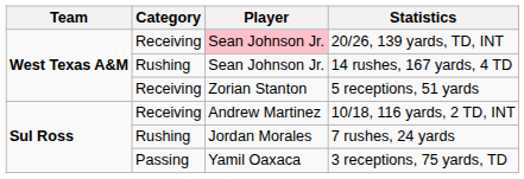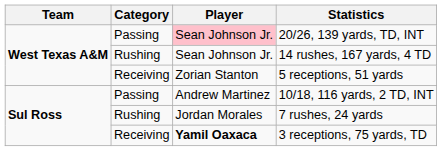 <table class="wikitable" style="float: right;">
 <tr>
 <th>Team</th>
 <th>Category</th>
 <th>Player</th>
 <th>Statistics</th>
 </tr>
 <tr>
 <td rowspan=3><strong>West Texas A&M</strong></td>
-<td>Receiving</td>
+<td>Passing</td>
 <td style="background: pink;">Sean Johnson Jr.</td>
 <td>20/26, 139 yards, TD, INT</td>
 </tr>
 <tr>
 <td>Rushing</td>
 <td>Sean Johnson Jr.</td>
 <td>14 rushes, 167 yards, 4 TD</td>
 </tr>
 <tr>
 <td>Receiving</td>
 <td>Zorian Stanton</td>
 <td>5 receptions, 51 yards</td>
 </tr>
 <tr>
 <td rowspan=3><strong>Sul Ross</strong></td>
-<td>Receiving</td>
+<td>Passing</td>
 <td>Andrew Martinez</td>
 <td>10/18, 116 yards, 2 TD, INT</td>
 </tr>
 <tr>
 <td>Rushing</td>
 <td>Jordan Morales</td>
 <td>7 rushes, 24 yards</td>
 </tr>
 <tr>
-<td>Passing</td>
-<td>Yamil Oaxaca</td>
+<td>Receiving</td>
+<td><strong>Yamil Oaxaca</strong></td>
 <td>3 receptions, 75 yards, TD</td>
 </tr>
 </table>
